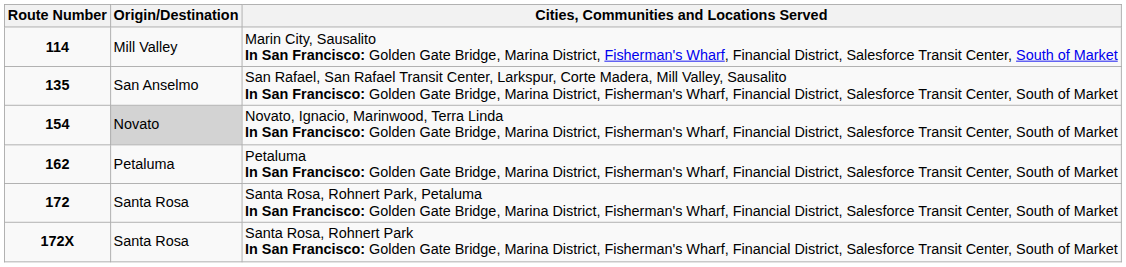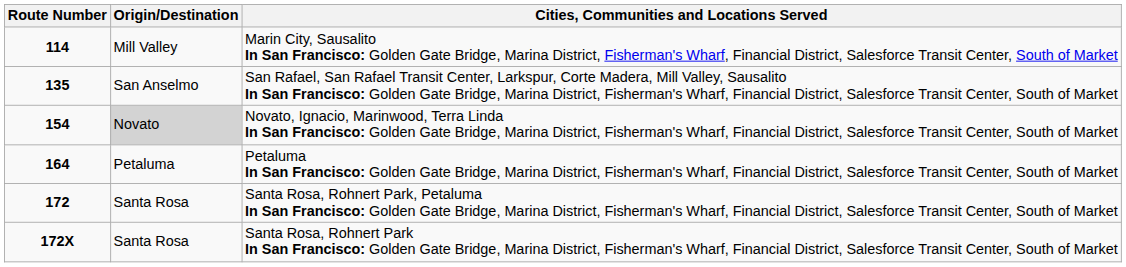 <table class="wikitable">
 <tr>
 <th>Route Number</th>
 <th>Origin/Destination</th>
 <th>Cities, Communities and Locations Served</th>
 </tr>
 <tr>
 <td style="text-align:center;"><div><strong>114</strong></div></td>
 <td>Mill Valley<br></td>
 <td>Marin City, Sausalito<br><strong>In San Francisco:</strong> Golden Gate Bridge, Marina District, <a href='#'>Fisherman's Wharf</a>, Financial District, Salesforce Transit Center, <a href='#'>South of Market</a></td>
 </tr>
 <tr>
 <td style="text-align:center;"><div><strong>135</strong></div></td>
 <td>San Anselmo<br></td>
 <td>San Rafael, San Rafael Transit Center, Larkspur, Corte Madera, Mill Valley, Sausalito<br><strong>In San Francisco:</strong> Golden Gate Bridge, Marina District, Fisherman's Wharf, Financial District, Salesforce Transit Center, South of Market</td>
 </tr>
 <tr>
 <td style="text-align:center;"><div><strong>154</strong></div></td>
 <td style="background: lightgrey;">Novato<br></td>
 <td>Novato, Ignacio, Marinwood, Terra Linda<br><strong>In San Francisco:</strong> Golden Gate Bridge, Marina District, Fisherman's Wharf, Financial District, Salesforce Transit Center, South of Market</td>
 </tr>
 <tr>
-<td style="text-align:center;"><div><strong>162</strong></div></td>
+<td style="text-align:center;"><div><strong>164</strong></div></td>
 <td>Petaluma<br></td>
 <td>Petaluma<br><strong>In San Francisco:</strong> Golden Gate Bridge, Marina District, Fisherman's Wharf, Financial District, Salesforce Transit Center, South of Market</td>
 </tr>
 <tr>
 <td style="text-align:center;"><div><strong>172</strong></div></td>
 <td>Santa Rosa<br></td>
 <td>Santa Rosa, Rohnert Park, Petaluma<br><strong>In San Francisco:</strong> Golden Gate Bridge, Marina District, Fisherman's Wharf, Financial District, Salesforce Transit Center, South of Market</td>
 </tr>
 <tr>
 <td style="text-align:center;"><div><strong>172X</strong></div></td>
 <td>Santa Rosa<br></td>
 <td>Santa Rosa, Rohnert Park<br><strong>In San Francisco:</strong> Golden Gate Bridge, Marina District, Fisherman's Wharf, Financial District, Salesforce Transit Center, South of Market</td>
 </tr>
 </table>
